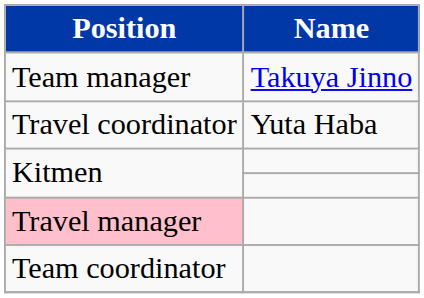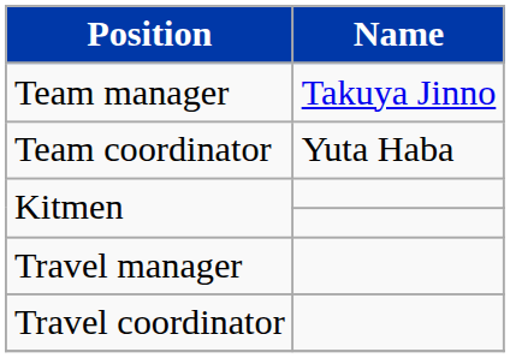 <table class="wikitable">
 <tr>
 <th style="background:#0038A8; color:#FFFFFF;">Position</th>
 <th style="background:#0038A8; color:#FFFFFF;">Name</th>
 </tr>
 <tr>
 <td>Team manager</td>
 <td> <a href='#'>Takuya Jinno</a></td>
 </tr>
 <tr>
-<td>Travel coordinator</td>
+<td>Team coordinator</td>
 <td> Yuta Haba</td>
 </tr>
 <tr>
 <td rowspan="2">Kitmen</td>
 <td></td>
 </tr>
 <tr>
 <td></td>
 </tr>
 <tr>
-<td style="background: pink;">Travel manager</td>
+<td>Travel manager</td>
 <td></td>
 </tr>
 <tr>
-<td>Team coordinator</td>
+<td>Travel coordinator</td>
 <td></td>
 </tr>
 <tr>
 </tr>
 </table>
